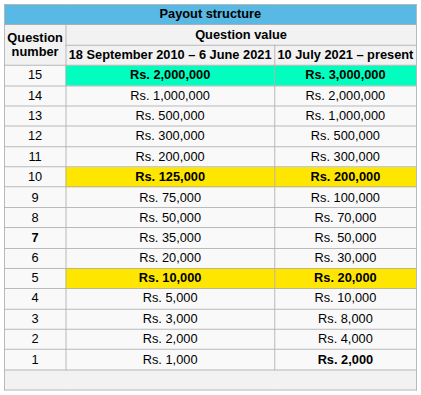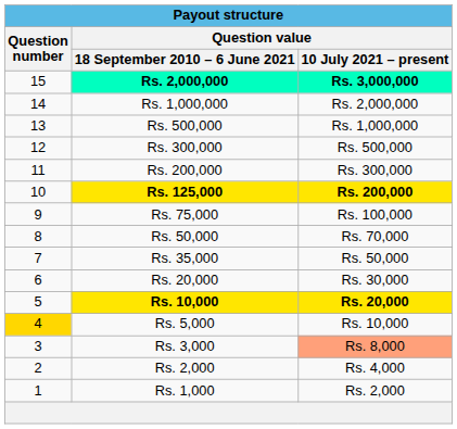 <table class="wikitable" style="text-align: center;">
 <tr>
 <th colspan=3 style="background: #58B9E4">Payout structure</th>
 </tr>
 <tr>
 <th rowspan=2>Question<br>number</th>
 <th colspan=2>Question value</th>
 </tr>
 <tr>
 <th>18 September 2010 – 6 June 2021</th>
 <th>10 July 2021 – present</th>
 </tr>
 <tr>
 <td>15</td>
 <td style="background: #00FFBF"><strong>Rs. 2,000,000</strong></td>
 <td style="background: #00FFBF"><strong>Rs. 3,000,000</strong></td>
 </tr>
 <tr>
 <td>14</td>
 <td>Rs. 1,000,000</td>
 <td>Rs. 2,000,000</td>
 </tr>
 <tr>
 <td>13</td>
 <td>Rs. 500,000</td>
 <td>Rs. 1,000,000</td>
 </tr>
 <tr>
 <td>12</td>
 <td>Rs. 300,000</td>
 <td>Rs. 500,000</td>
 </tr>
 <tr>
 <td>11</td>
 <td>Rs. 200,000</td>
 <td>Rs. 300,000</td>
 </tr>
 <tr>
 <td>10</td>
 <td style="background: #FFE600"><strong>Rs. 125,000</strong></td>
 <td style="background: #FFE600"><strong>Rs. 200,000</strong></td>
 </tr>
 <tr>
 <td>9</td>
 <td>Rs. 75,000</td>
 <td>Rs. 100,000</td>
 </tr>
 <tr>
 <td>8</td>
 <td>Rs. 50,000</td>
 <td>Rs. 70,000</td>
 </tr>
 <tr>
-<td><strong>7</strong></td>
+<td>7</td>
 <td>Rs. 35,000</td>
 <td>Rs. 50,000</td>
 </tr>
 <tr>
 <td>6</td>
 <td>Rs. 20,000</td>
 <td>Rs. 30,000</td>
 </tr>
 <tr>
 <td>5</td>
 <td style="background: #FFE600"><strong>Rs. 10,000</strong></td>
 <td style="background: #FFE600"><strong>Rs. 20,000</strong></td>
 </tr>
 <tr>
-<td>4</td>
+<td style="background: gold;">4</td>
 <td>Rs. 5,000</td>
 <td>Rs. 10,000</td>
 </tr>
 <tr>
 <td>3</td>
 <td>Rs. 3,000</td>
-<td>Rs. 8,000</td>
+<td style="background: lightsalmon;">Rs. 8,000</td>
 </tr>
 <tr>
 <td>2</td>
 <td>Rs. 2,000</td>
 <td>Rs. 4,000</td>
 </tr>
 <tr>
 <td>1</td>
 <td>Rs. 1,000</td>
-<td><strong>Rs. 2,000</strong></td>
+<td>Rs. 2,000</td>
 </tr>
 <tr>
 <th colspan=3 style="text-align:left"><br></th>
 </tr>
 </table>
